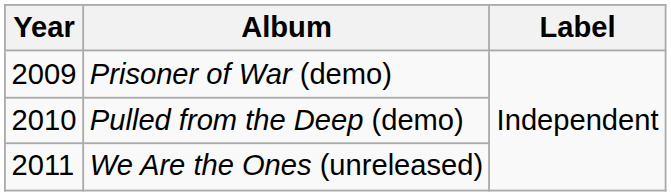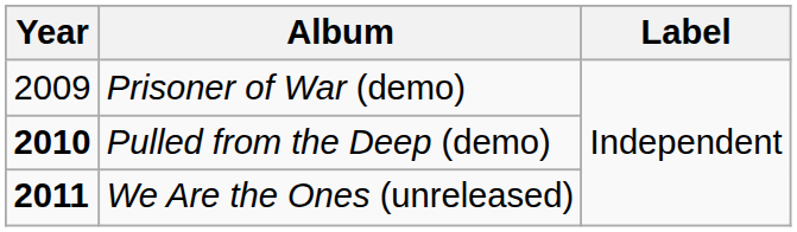 <table class="wikitable">
 <tr>
 <th>Year</th>
 <th>Album</th>
 <th>Label</th>
 </tr>
 <tr>
 <td>2009</td>
 <td><em>Prisoner of War</em> (demo)</td>
 <td rowspan="3">Independent</td>
 </tr>
 <tr>
-<td>2010</td>
+<td><strong>2010</strong></td>
 <td><em>Pulled from the Deep</em> (demo)</td>
 </tr>
 <tr>
-<td>2011</td>
+<td><strong>2011</strong></td>
 <td><em>We Are the Ones</em> (unreleased)</td>
 </tr>
 </table>
